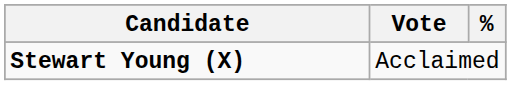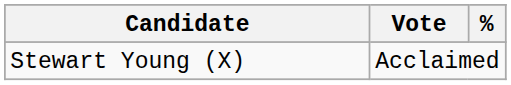 <table class="wikitable">
 <tr>
 <th bgcolor="#DDDDFF" width="200px">Candidate</th>
 <th bgcolor="#DDDDFF">Vote</th>
 <th bgcolor="#DDDDFF">%</th>
 </tr>
 <tr>
-<td><strong>Stewart Young (X)</strong></td>
+<td>Stewart Young (X)</td>
 <td colspan="2">Acclaimed</td>
 </tr>
 </table>
